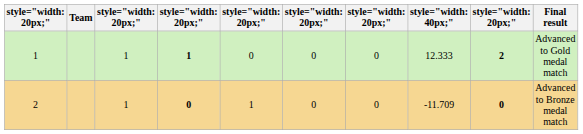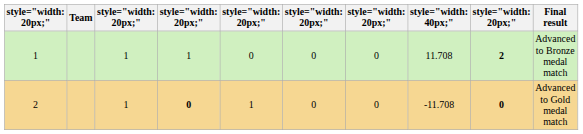 <table class="wikitable" border="1" style="text-align: center;">
 <tr>
 <th>style="width: 20px;"</th>
 <th style="width: 175px;">Team</th>
 <th>style="width: 20px;"</th>
 <th>style="width: 20px;"</th>
 <th>style="width: 20px;"</th>
 <th>style="width: 20px;"</th>
 <th>style="width: 20px;"</th>
 <th>style="width: 40px;"</th>
 <th>style="width: 20px;"</th>
 <th style="width: 230px;">Final result</th>
 </tr>
 <tr style="background:#D0F0C0;">
 <td>1</td>
 <td style="text-align:left"></td>
 <td>1</td>
-<td><strong>1</strong></td>
+<td>1</td>
 <td>0</td>
 <td>0</td>
 <td>0</td>
-<td>12.333</td>
+<td>11.708</td>
 <td><strong>2</strong></td>
-<td>Advanced to Gold medal match</td>
+<td>Advanced to Bronze medal match</td>
 </tr>
 <tr style="background:#F6D792;">
 <td>2</td>
 <td align=left></td>
 <td>1</td>
 <td><strong>0</strong></td>
 <td>1</td>
 <td>0</td>
 <td>0</td>
-<td>-11.709</td>
+<td>-11.708</td>
 <td><strong>0</strong></td>
-<td>Advanced to Bronze medal match</td>
+<td>Advanced to Gold medal match</td>
 </tr>
 </table>
